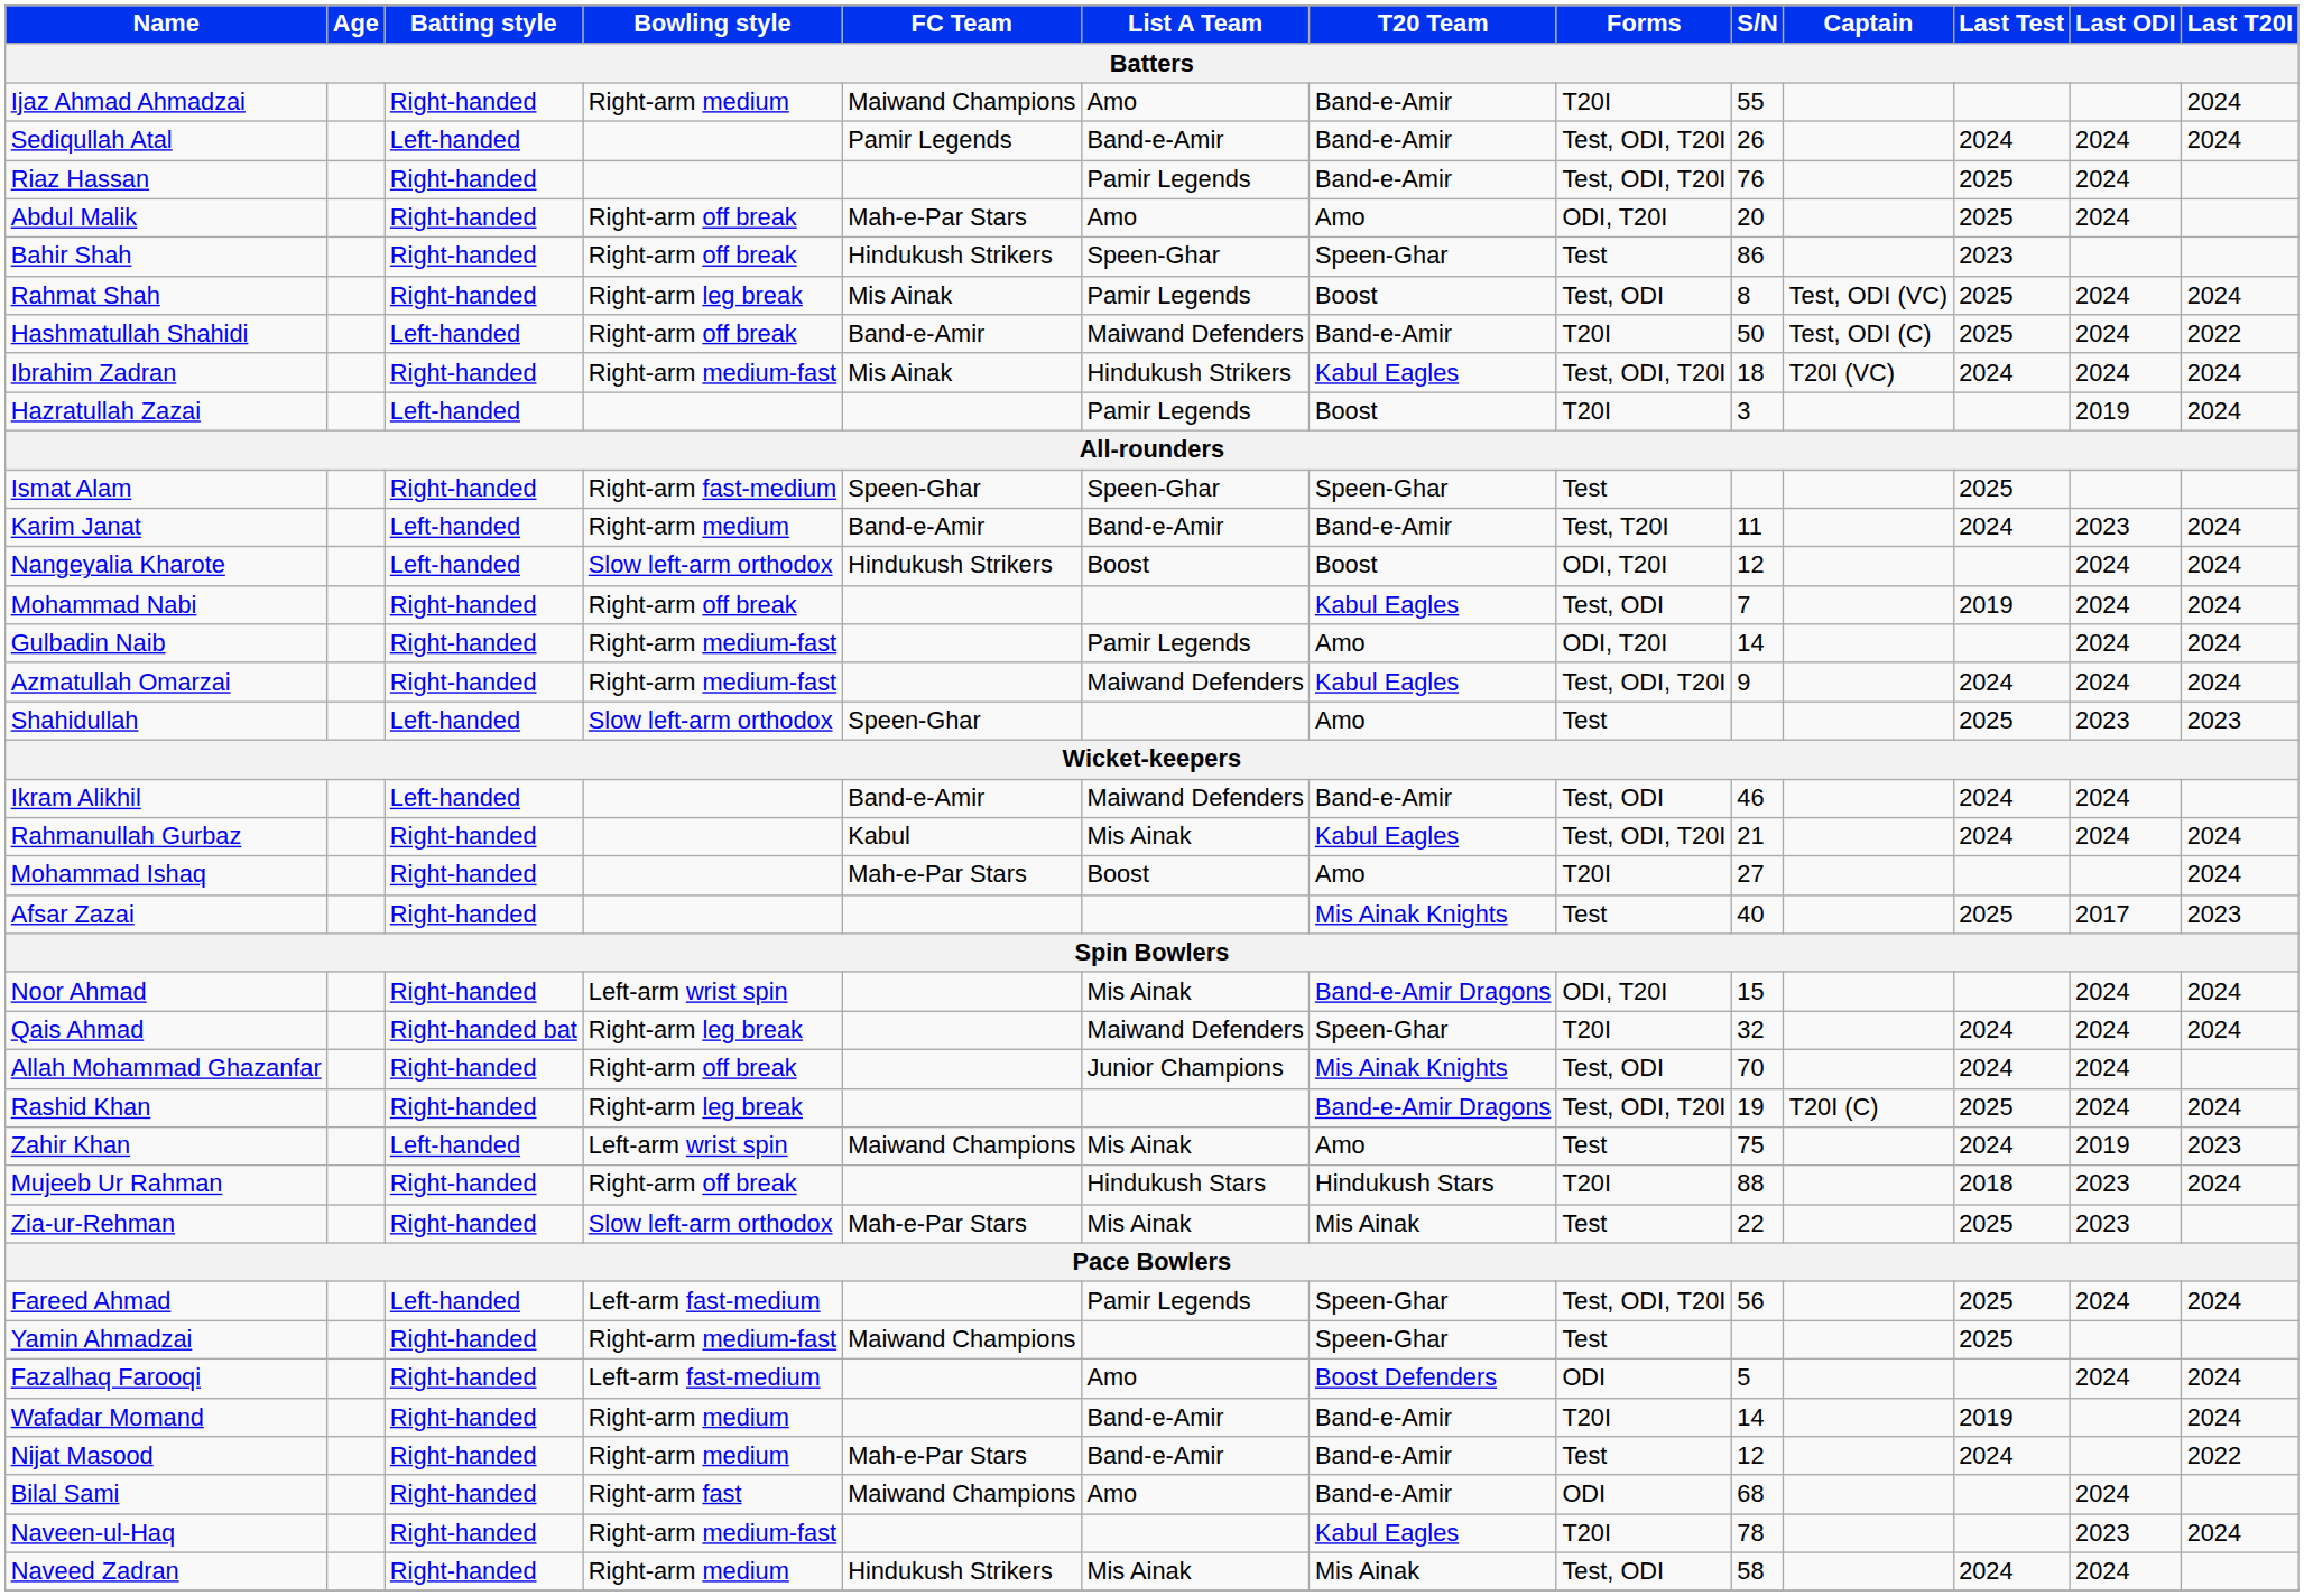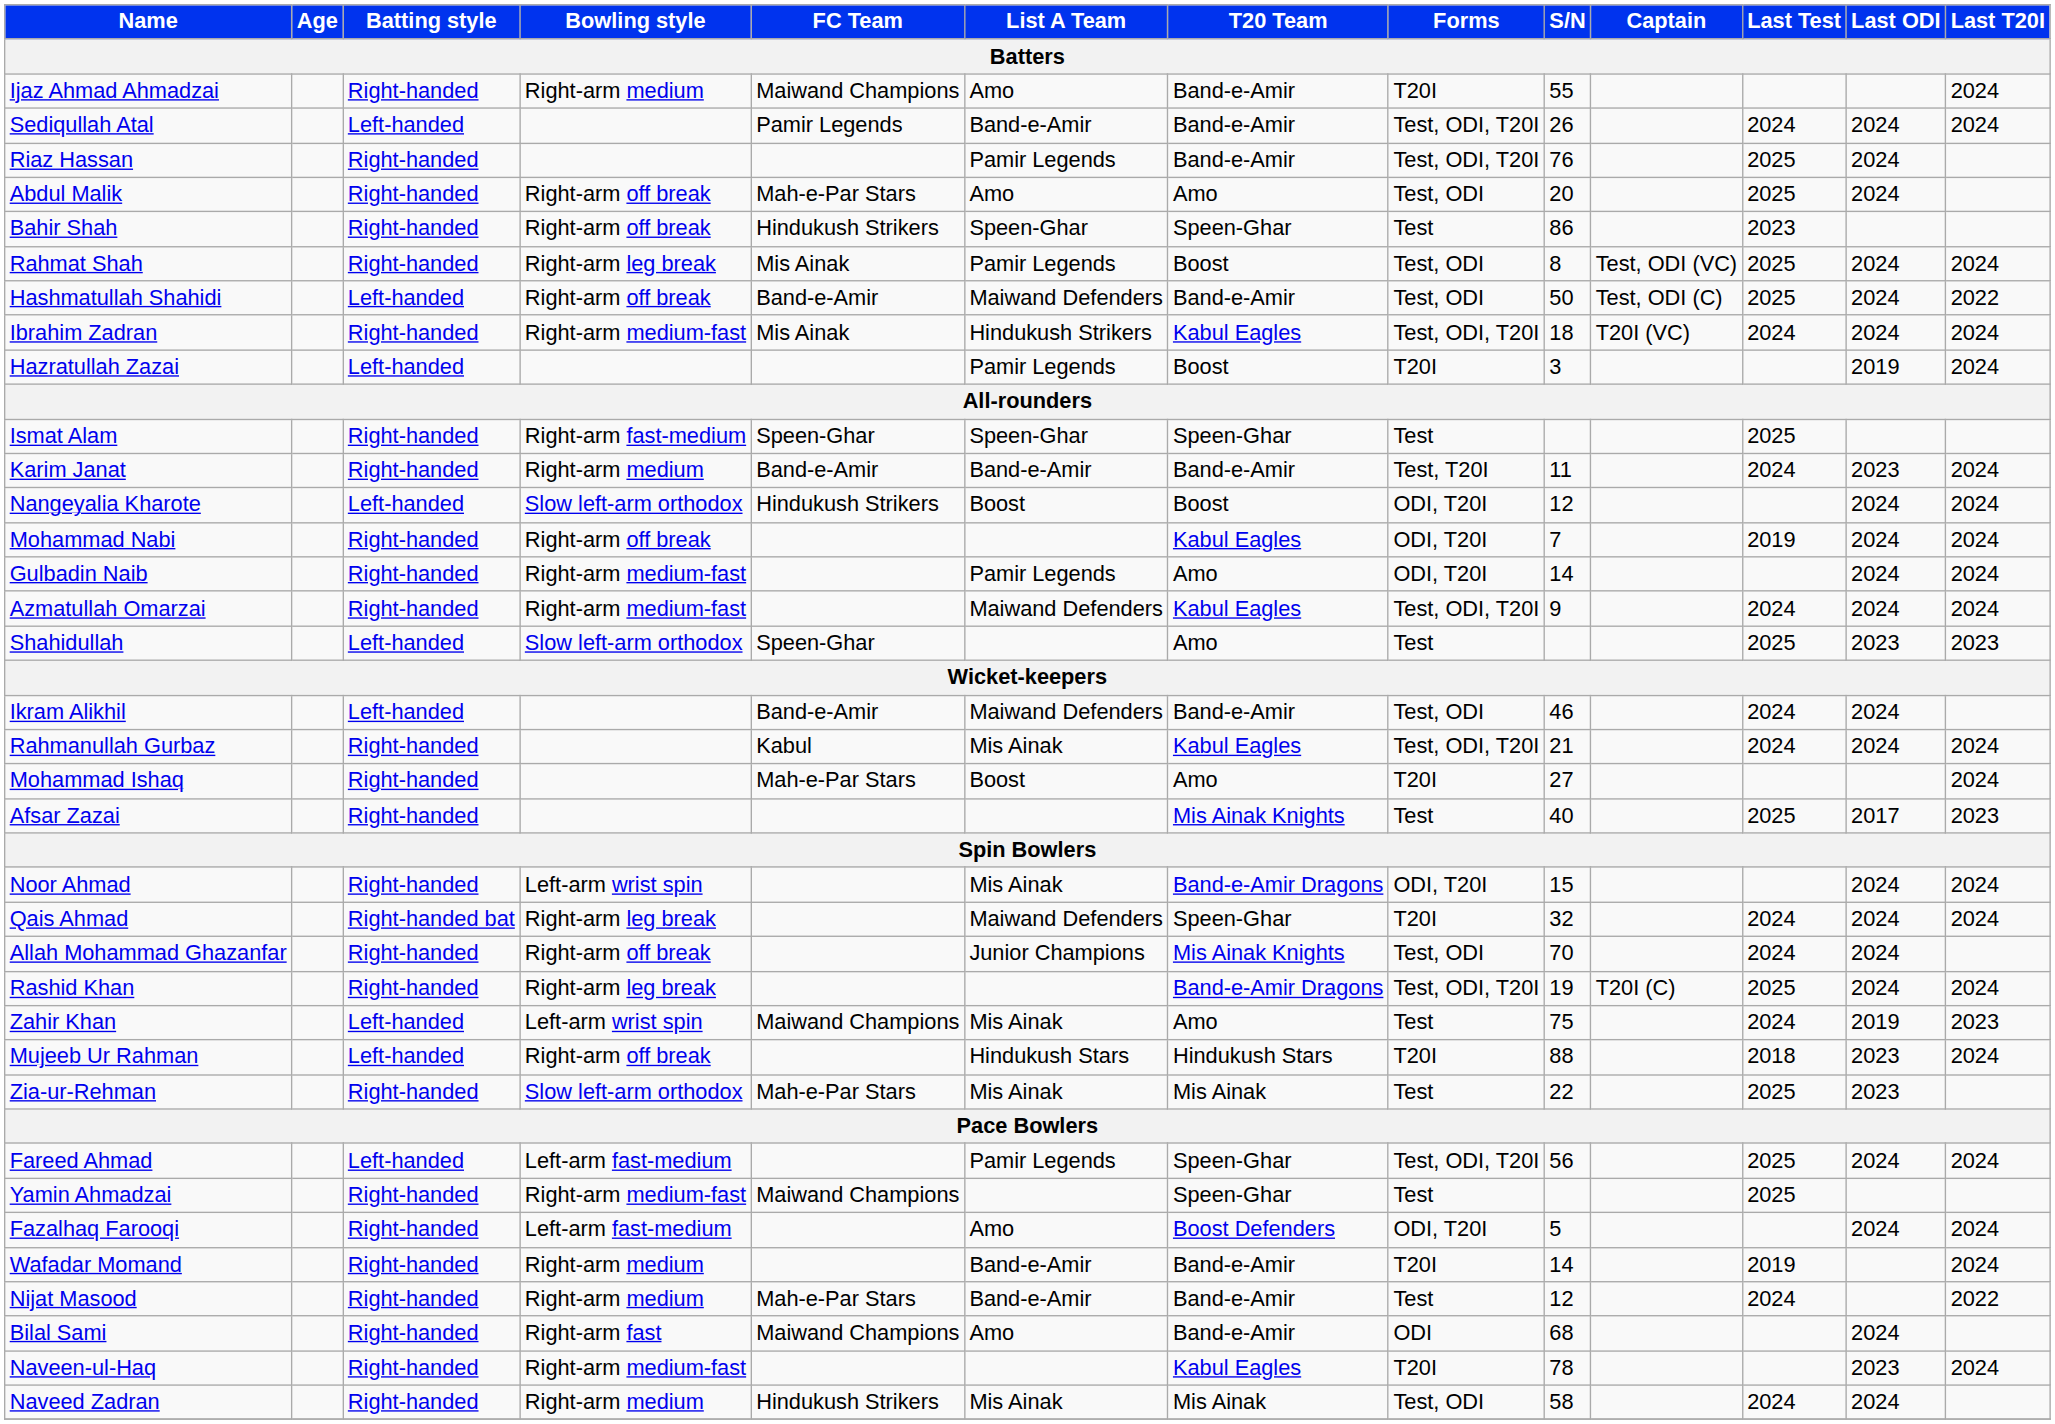 <table class="wikitable">
 <tr>
 <th style="text-align:center; background:#0033EE; color:white;">Name</th>
 <th style="text-align:center; background:#0033EE; color:white;">Age</th>
 <th style="text-align:center; background:#0033EE; color:white;">Batting style</th>
 <th style="text-align:center; background:#0033EE; color:white;">Bowling style</th>
 <th style="text-align:center; background:#0033EE; color:white;">FC Team </th>
 <th style="text-align:center; background:#0033EE; color:white;">List A Team </th>
 <th style="text-align:center; background:#0033EE; color:white;">T20 Team </th>
 <th style="text-align:center; background:#0033EE; color:white;">Forms</th>
 <th style="text-align:center; background:#0033EE; color:white;">S/N</th>
 <th style="text-align:center; background:#0033EE; color:white;">Captain</th>
 <th style="text-align:center; background:#0033EE; color:white;">Last Test</th>
 <th style="text-align:center; background:#0033EE; color:white;">Last ODI</th>
 <th style="text-align:center; background:#0033EE; color:white;">Last T20I</th>
 </tr>
 <tr>
 <th colspan="13">Batters</th>
 </tr>
 <tr>
 <td><a href='#'>Ijaz Ahmad Ahmadzai</a></td>
 <td></td>
 <td><a href='#'>Right-handed</a></td>
 <td>Right-arm <a href='#'>medium</a></td>
 <td>Maiwand Champions</td>
 <td>Amo</td>
 <td>Band-e-Amir</td>
 <td>T20I</td>
 <td>55</td>
 <td></td>
 <td></td>
 <td></td>
 <td> 2024</td>
 </tr>
 <tr>
 <td><a href='#'>Sediqullah Atal</a></td>
 <td></td>
 <td><a href='#'>Left-handed</a></td>
 <td></td>
 <td>Pamir Legends</td>
 <td>Band-e-Amir</td>
 <td>Band-e-Amir</td>
 <td>Test, ODI, T20I</td>
 <td>26</td>
 <td></td>
 <td> 2024</td>
 <td> 2024</td>
 <td> 2024</td>
 </tr>
 <tr>
 <td><a href='#'>Riaz Hassan</a></td>
 <td></td>
 <td><a href='#'>Right-handed</a></td>
 <td></td>
 <td></td>
 <td>Pamir Legends</td>
 <td>Band-e-Amir</td>
 <td>Test, ODI, T20I</td>
 <td>76</td>
 <td></td>
 <td> 2025</td>
 <td> 2024</td>
 <td></td>
 </tr>
 <tr>
 <td><a href='#'>Abdul Malik</a></td>
 <td></td>
 <td><a href='#'>Right-handed</a></td>
 <td>Right-arm <a href='#'>off break</a></td>
 <td>Mah-e-Par Stars</td>
 <td>Amo</td>
 <td>Amo</td>
-<td>ODI, T20I</td>
+<td>Test, ODI</td>
 <td>20</td>
 <td></td>
 <td> 2025</td>
 <td> 2024</td>
 <td></td>
 </tr>
 <tr>
 <td><a href='#'>Bahir Shah</a></td>
 <td></td>
 <td><a href='#'>Right-handed</a></td>
 <td>Right-arm <a href='#'>off break</a></td>
 <td>Hindukush Strikers</td>
 <td>Speen-Ghar</td>
 <td>Speen-Ghar</td>
 <td>Test</td>
 <td>86</td>
 <td></td>
 <td> 2023</td>
 <td></td>
 <td></td>
 </tr>
 <tr>
 <td><a href='#'>Rahmat Shah</a></td>
 <td></td>
 <td><a href='#'>Right-handed</a></td>
 <td>Right-arm <a href='#'>leg break</a></td>
 <td>Mis Ainak</td>
 <td>Pamir Legends</td>
 <td>Boost</td>
 <td>Test, ODI</td>
 <td>8</td>
 <td>Test, ODI (VC)</td>
 <td> 2025</td>
 <td> 2024</td>
 <td> 2024</td>
 </tr>
 <tr>
 <td><a href='#'>Hashmatullah Shahidi</a></td>
 <td></td>
 <td><a href='#'>Left-handed</a></td>
 <td>Right-arm <a href='#'>off break</a></td>
 <td>Band-e-Amir</td>
 <td>Maiwand Defenders</td>
 <td>Band-e-Amir</td>
-<td>T20I</td>
+<td>Test, ODI</td>
 <td>50</td>
 <td>Test, ODI (C)</td>
 <td> 2025</td>
 <td> 2024</td>
 <td> 2022</td>
 </tr>
 <tr>
 <td><a href='#'>Ibrahim Zadran</a></td>
 <td></td>
 <td><a href='#'>Right-handed</a></td>
 <td>Right-arm <a href='#'>medium-fast</a></td>
 <td>Mis Ainak</td>
 <td>Hindukush Strikers</td>
 <td><a href='#'>Kabul Eagles</a></td>
 <td>Test, ODI, T20I</td>
 <td>18</td>
 <td>T20I (VC)</td>
 <td> 2024</td>
 <td> 2024</td>
 <td> 2024</td>
 </tr>
 <tr>
 <td><a href='#'>Hazratullah Zazai</a></td>
 <td></td>
 <td><a href='#'>Left-handed</a></td>
 <td></td>
 <td></td>
 <td>Pamir Legends</td>
 <td>Boost</td>
 <td>T20I</td>
 <td>3</td>
 <td></td>
 <td></td>
 <td> 2019</td>
 <td> 2024</td>
 </tr>
 <tr>
 <th colspan="13">All-rounders</th>
 </tr>
 <tr>
 <td><a href='#'>Ismat Alam</a></td>
 <td></td>
 <td><a href='#'>Right-handed</a></td>
 <td>Right-arm <a href='#'>fast-medium</a></td>
 <td>Speen-Ghar</td>
 <td>Speen-Ghar</td>
 <td>Speen-Ghar</td>
 <td>Test</td>
 <td></td>
 <td></td>
 <td> 2025</td>
 <td></td>
 <td></td>
 </tr>
 <tr>
 <td><a href='#'>Karim Janat</a></td>
 <td></td>
-<td><a href='#'>Left-handed</a></td>
+<td><a href='#'>Right-handed</a></td>
 <td>Right-arm <a href='#'>medium</a></td>
 <td>Band-e-Amir</td>
 <td>Band-e-Amir</td>
 <td>Band-e-Amir</td>
 <td>Test, T20I</td>
 <td>11</td>
 <td></td>
 <td> 2024</td>
 <td> 2023</td>
 <td> 2024</td>
 </tr>
 <tr>
 <td><a href='#'>Nangeyalia Kharote</a></td>
 <td></td>
 <td><a href='#'>Left-handed</a></td>
 <td><a href='#'>Slow left-arm orthodox</a></td>
 <td>Hindukush Strikers</td>
 <td>Boost</td>
 <td>Boost</td>
 <td>ODI, T20I</td>
 <td>12</td>
 <td></td>
 <td></td>
 <td> 2024</td>
 <td> 2024</td>
 </tr>
 <tr>
 <td><a href='#'>Mohammad Nabi</a></td>
 <td></td>
 <td><a href='#'>Right-handed</a></td>
 <td>Right-arm <a href='#'>off break</a></td>
 <td></td>
 <td></td>
 <td><a href='#'>Kabul Eagles</a></td>
-<td>Test, ODI</td>
+<td>ODI, T20I</td>
 <td>7</td>
 <td></td>
 <td> 2019</td>
 <td> 2024</td>
 <td> 2024</td>
 </tr>
 <tr>
 <td><a href='#'>Gulbadin Naib</a></td>
 <td></td>
 <td><a href='#'>Right-handed</a></td>
 <td>Right-arm <a href='#'>medium-fast</a></td>
 <td></td>
 <td>Pamir Legends</td>
 <td>Amo</td>
 <td>ODI, T20I</td>
 <td>14</td>
 <td></td>
 <td></td>
 <td> 2024</td>
 <td> 2024</td>
 </tr>
 <tr>
 <td><a href='#'>Azmatullah Omarzai</a></td>
 <td></td>
 <td><a href='#'>Right-handed</a></td>
 <td>Right-arm <a href='#'>medium-fast</a></td>
 <td></td>
 <td>Maiwand Defenders</td>
 <td><a href='#'>Kabul Eagles</a></td>
 <td>Test, ODI, T20I</td>
 <td>9</td>
 <td></td>
 <td> 2024</td>
 <td> 2024</td>
 <td> 2024</td>
 </tr>
 <tr>
 <td><a href='#'>Shahidullah</a></td>
 <td></td>
 <td><a href='#'>Left-handed</a></td>
 <td><a href='#'>Slow left-arm orthodox</a></td>
 <td>Speen-Ghar</td>
 <td></td>
 <td>Amo</td>
 <td>Test</td>
 <td></td>
 <td></td>
 <td> 2025</td>
 <td> 2023</td>
 <td> 2023</td>
 </tr>
 <tr>
 <th colspan="13">Wicket-keepers</th>
 </tr>
 <tr>
 <td><a href='#'>Ikram Alikhil</a></td>
 <td></td>
 <td><a href='#'>Left-handed</a></td>
 <td></td>
 <td>Band-e-Amir</td>
 <td>Maiwand Defenders</td>
 <td>Band-e-Amir</td>
 <td>Test, ODI</td>
 <td>46</td>
 <td></td>
 <td> 2024</td>
 <td> 2024</td>
 <td></td>
 </tr>
 <tr>
 <td><a href='#'>Rahmanullah Gurbaz</a></td>
 <td></td>
 <td><a href='#'>Right-handed</a></td>
 <td></td>
 <td>Kabul</td>
 <td>Mis Ainak</td>
 <td><a href='#'>Kabul Eagles</a></td>
 <td>Test, ODI, T20I</td>
 <td>21</td>
 <td></td>
 <td> 2024</td>
 <td> 2024</td>
 <td> 2024</td>
 </tr>
 <tr>
 <td><a href='#'>Mohammad Ishaq</a></td>
 <td></td>
 <td><a href='#'>Right-handed</a></td>
 <td></td>
 <td>Mah-e-Par Stars</td>
 <td>Boost</td>
 <td>Amo</td>
 <td>T20I</td>
 <td>27</td>
 <td></td>
 <td></td>
 <td></td>
 <td> 2024</td>
 </tr>
 <tr>
 <td><a href='#'>Afsar Zazai</a></td>
 <td></td>
 <td><a href='#'>Right-handed</a></td>
 <td></td>
 <td></td>
 <td></td>
 <td><a href='#'>Mis Ainak Knights</a></td>
 <td>Test</td>
 <td>40</td>
 <td></td>
 <td> 2025</td>
 <td> 2017</td>
 <td> 2023</td>
 </tr>
 <tr>
 <th colspan="13">Spin Bowlers</th>
 </tr>
 <tr>
 <td><a href='#'>Noor Ahmad</a></td>
 <td></td>
 <td><a href='#'>Right-handed</a></td>
 <td>Left-arm <a href='#'>wrist spin</a></td>
 <td></td>
 <td>Mis Ainak</td>
 <td><a href='#'>Band-e-Amir Dragons</a></td>
 <td>ODI, T20I</td>
 <td>15</td>
 <td></td>
 <td></td>
 <td> 2024</td>
 <td> 2024</td>
 </tr>
 <tr>
 <td><a href='#'>Qais Ahmad</a></td>
 <td></td>
 <td><a href='#'>Right-handed bat</a></td>
 <td>Right-arm <a href='#'>leg break</a></td>
 <td></td>
 <td>Maiwand Defenders</td>
 <td>Speen-Ghar</td>
 <td>T20I</td>
 <td>32</td>
 <td></td>
 <td> 2024</td>
 <td> 2024</td>
 <td> 2024</td>
 </tr>
 <tr>
 <td><a href='#'>Allah Mohammad Ghazanfar</a></td>
 <td></td>
 <td><a href='#'>Right-handed</a></td>
 <td>Right-arm <a href='#'>off break</a></td>
 <td></td>
 <td>Junior Champions</td>
 <td><a href='#'>Mis Ainak Knights</a></td>
 <td>Test, ODI</td>
 <td>70</td>
 <td></td>
 <td> 2024</td>
 <td> 2024</td>
 <td></td>
 </tr>
 <tr>
 <td><a href='#'>Rashid Khan</a></td>
 <td></td>
 <td><a href='#'>Right-handed</a></td>
 <td>Right-arm <a href='#'>leg break</a></td>
 <td></td>
 <td></td>
 <td><a href='#'>Band-e-Amir Dragons</a></td>
 <td>Test, ODI, T20I</td>
 <td>19</td>
 <td>T20I (C)</td>
 <td> 2025</td>
 <td> 2024</td>
 <td> 2024</td>
 </tr>
 <tr>
 <td><a href='#'>Zahir Khan</a></td>
 <td></td>
 <td><a href='#'>Left-handed</a></td>
 <td>Left-arm <a href='#'>wrist spin</a></td>
 <td>Maiwand Champions</td>
 <td>Mis Ainak</td>
 <td>Amo</td>
 <td>Test</td>
 <td>75</td>
 <td></td>
 <td> 2024</td>
 <td> 2019</td>
 <td> 2023</td>
 </tr>
 <tr>
 <td><a href='#'>Mujeeb Ur Rahman</a></td>
 <td></td>
-<td><a href='#'>Right-handed</a></td>
+<td><a href='#'>Left-handed</a></td>
 <td>Right-arm <a href='#'>off break</a></td>
 <td></td>
 <td>Hindukush Stars</td>
 <td>Hindukush Stars</td>
 <td>T20I</td>
 <td>88</td>
 <td></td>
 <td> 2018</td>
 <td> 2023</td>
 <td> 2024</td>
 </tr>
 <tr>
 <td><a href='#'>Zia-ur-Rehman</a></td>
 <td></td>
 <td><a href='#'>Right-handed</a></td>
 <td><a href='#'>Slow left-arm orthodox</a></td>
 <td>Mah-e-Par Stars</td>
 <td>Mis Ainak</td>
 <td>Mis Ainak</td>
 <td>Test</td>
 <td>22</td>
 <td></td>
 <td> 2025</td>
 <td> 2023</td>
 <td></td>
 </tr>
 <tr>
 <th colspan="13">Pace Bowlers</th>
 </tr>
 <tr>
 <td><a href='#'>Fareed Ahmad</a></td>
 <td></td>
 <td><a href='#'>Left-handed</a></td>
 <td>Left-arm <a href='#'>fast-medium</a></td>
 <td></td>
 <td>Pamir Legends</td>
 <td>Speen-Ghar</td>
 <td>Test, ODI, T20I</td>
 <td>56</td>
 <td></td>
 <td> 2025</td>
 <td> 2024</td>
 <td> 2024</td>
 </tr>
 <tr>
 <td><a href='#'>Yamin Ahmadzai</a></td>
 <td></td>
 <td><a href='#'>Right-handed</a></td>
 <td>Right-arm <a href='#'>medium-fast</a></td>
 <td>Maiwand Champions</td>
 <td></td>
 <td>Speen-Ghar</td>
 <td>Test</td>
 <td></td>
 <td></td>
 <td> 2025</td>
 <td></td>
 <td></td>
 </tr>
 <tr>
 <td><a href='#'>Fazalhaq Farooqi</a></td>
 <td></td>
 <td><a href='#'>Right-handed</a></td>
 <td>Left-arm <a href='#'>fast-medium</a></td>
 <td></td>
 <td>Amo</td>
 <td><a href='#'>Boost Defenders</a></td>
-<td>ODI</td>
+<td>ODI, T20I</td>
 <td>5</td>
 <td></td>
 <td></td>
 <td> 2024</td>
 <td> 2024</td>
 </tr>
 <tr>
 <td><a href='#'>Wafadar Momand</a></td>
 <td></td>
 <td><a href='#'>Right-handed</a></td>
 <td>Right-arm <a href='#'>medium</a></td>
 <td></td>
 <td>Band-e-Amir</td>
 <td>Band-e-Amir</td>
 <td>T20I</td>
 <td>14</td>
 <td></td>
 <td> 2019</td>
 <td></td>
 <td> 2024</td>
 </tr>
 <tr>
 <td><a href='#'>Nijat Masood</a></td>
 <td></td>
 <td><a href='#'>Right-handed</a></td>
 <td>Right-arm <a href='#'>medium</a></td>
 <td>Mah-e-Par Stars</td>
 <td>Band-e-Amir</td>
 <td>Band-e-Amir</td>
 <td>Test</td>
 <td>12</td>
 <td></td>
 <td> 2024</td>
 <td></td>
 <td> 2022</td>
 </tr>
 <tr>
 <td><a href='#'>Bilal Sami</a></td>
 <td></td>
 <td><a href='#'>Right-handed</a></td>
 <td>Right-arm <a href='#'>fast</a></td>
 <td>Maiwand Champions</td>
 <td>Amo</td>
 <td>Band-e-Amir</td>
 <td>ODI</td>
 <td>68</td>
 <td></td>
 <td></td>
 <td> 2024</td>
 <td></td>
 </tr>
 <tr>
 <td><a href='#'>Naveen-ul-Haq</a></td>
 <td></td>
 <td><a href='#'>Right-handed</a></td>
 <td>Right-arm <a href='#'>medium-fast</a></td>
 <td></td>
 <td></td>
 <td><a href='#'>Kabul Eagles</a></td>
 <td>T20I</td>
 <td>78</td>
 <td></td>
 <td></td>
 <td> 2023</td>
 <td> 2024</td>
 </tr>
 <tr>
 <td><a href='#'>Naveed Zadran</a></td>
 <td></td>
 <td><a href='#'>Right-handed</a></td>
 <td>Right-arm <a href='#'>medium</a></td>
 <td>Hindukush Strikers</td>
 <td>Mis Ainak</td>
 <td>Mis Ainak</td>
 <td>Test, ODI</td>
 <td>58</td>
 <td></td>
 <td> 2024</td>
 <td> 2024</td>
 <td></td>
 </tr>
 <tr>
 </tr>
 </table>
